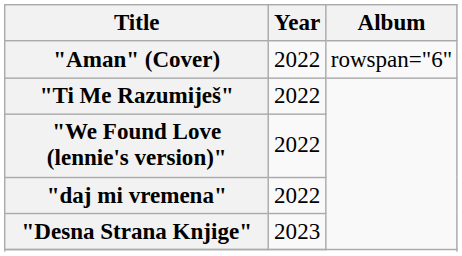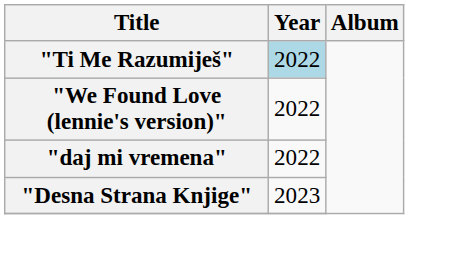 <table class="wikitable plainrowheaders" style="text-align:center;">
 <tr>
 <th scope="col" style="width:11em;">Title</th>
 <th scope="col">Year</th>
 <th scope="col">Album</th>
 </tr>
 <tr>
-<th scope="row">"Aman" (Cover)<br></th>
-<td rowspan="1">2022</td>
-<td>rowspan="6" </td>
-</tr>
-<tr>
 <th scope="row">"Ti Me Razumiješ"</th>
-<td rowspan="1">2022</td>
+<td rowspan="1" style="background: lightblue;">2022</td>
 </tr>
 <tr>
 <th scope="row">"We Found Love (lennie's version)"</th>
 <td rowspan="1">2022</td>
 </tr>
 <tr>
 <th scope="row">"daj mi vremena"</th>
 <td rowspan="1">2022</td>
 </tr>
 <tr>
 <th scope="row">"Desna Strana Knjige"</th>
 <td rowspan="1">2023</td>
 </tr>
 <tr>
 </tr>
 <tr>
 </tr>
 </table>
